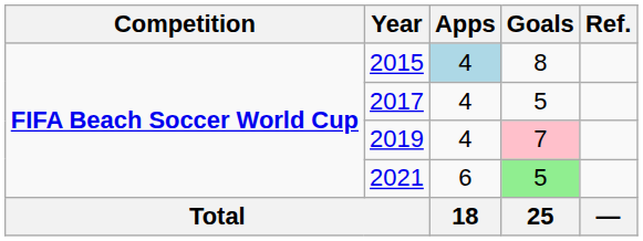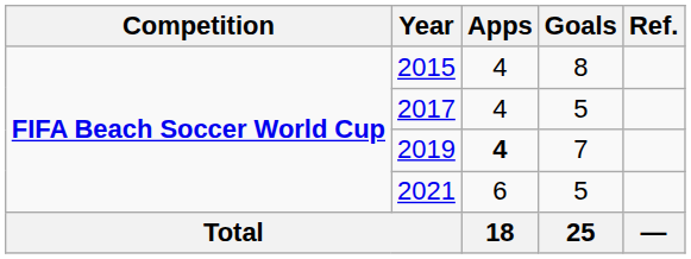 <table class="wikitable" style="text-align:center;">
 <tr>
 <th>Competition</th>
 <th>Year</th>
 <th>Apps</th>
 <th>Goals</th>
 <th>Ref.</th>
 </tr>
 <tr>
 <td rowspan="4"><strong><a href='#'>FIFA Beach Soccer World Cup</a></strong></td>
 <td> <a href='#'>2015</a></td>
-<td style="background: lightblue;">4</td>
+<td>4</td>
 <td>8</td>
 <td></td>
 </tr>
 <tr>
 <td> <a href='#'>2017</a></td>
 <td>4</td>
 <td>5</td>
 <td></td>
 </tr>
 <tr>
 <td> <a href='#'>2019</a></td>
-<td>4</td>
-<td style="background: pink;">7</td>
+<td><strong>4</strong></td>
+<td>7</td>
 <td></td>
 </tr>
 <tr>
 <td> <a href='#'>2021</a></td>
 <td>6</td>
-<td style="background: lightgreen;">5</td>
+<td>5</td>
 <td></td>
 </tr>
 <tr>
 <th colspan=2>Total</th>
 <th>18</th>
 <th>25</th>
 <th>—</th>
 </tr>
 </table>
